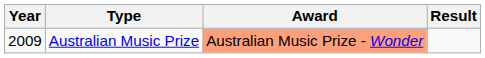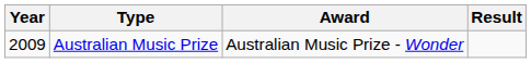 <table class="wikitable">
 <tr>
 <th>Year</th>
 <th>Type</th>
 <th>Award</th>
 <th>Result</th>
 </tr>
 <tr>
 <td rowspan="3">2009</td>
 <td rowspan="3"><a href='#'>Australian Music Prize</a></td>
-<td style="background: lightsalmon;">Australian Music Prize - <em><a href='#'>Wonder</a></em></td>
+<td>Australian Music Prize - <em><a href='#'>Wonder</a></em></td>
 <td></td>
 </tr>
 </table>
